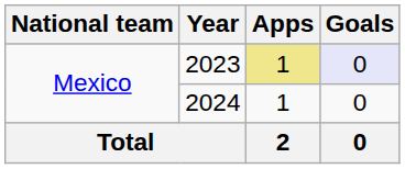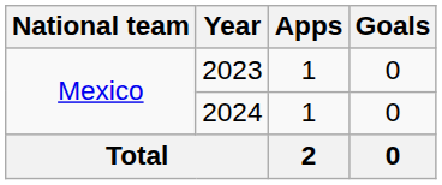 <table class="wikitable" style="text-align: center;">
 <tr>
 <th>National team</th>
 <th>Year</th>
 <th>Apps</th>
 <th>Goals</th>
 </tr>
 <tr>
 <td rowspan="2" valign="center"><a href='#'>Mexico</a></td>
 <td>2023</td>
-<td style="background: khaki;">1</td>
-<td style="background: lavender;">0</td>
+<td>1</td>
+<td>0</td>
 </tr>
 <tr>
 <td>2024</td>
 <td>1</td>
 <td>0</td>
 </tr>
 <tr>
 <th colspan="2">Total</th>
 <th>2</th>
 <th>0</th>
 </tr>
 </table>
